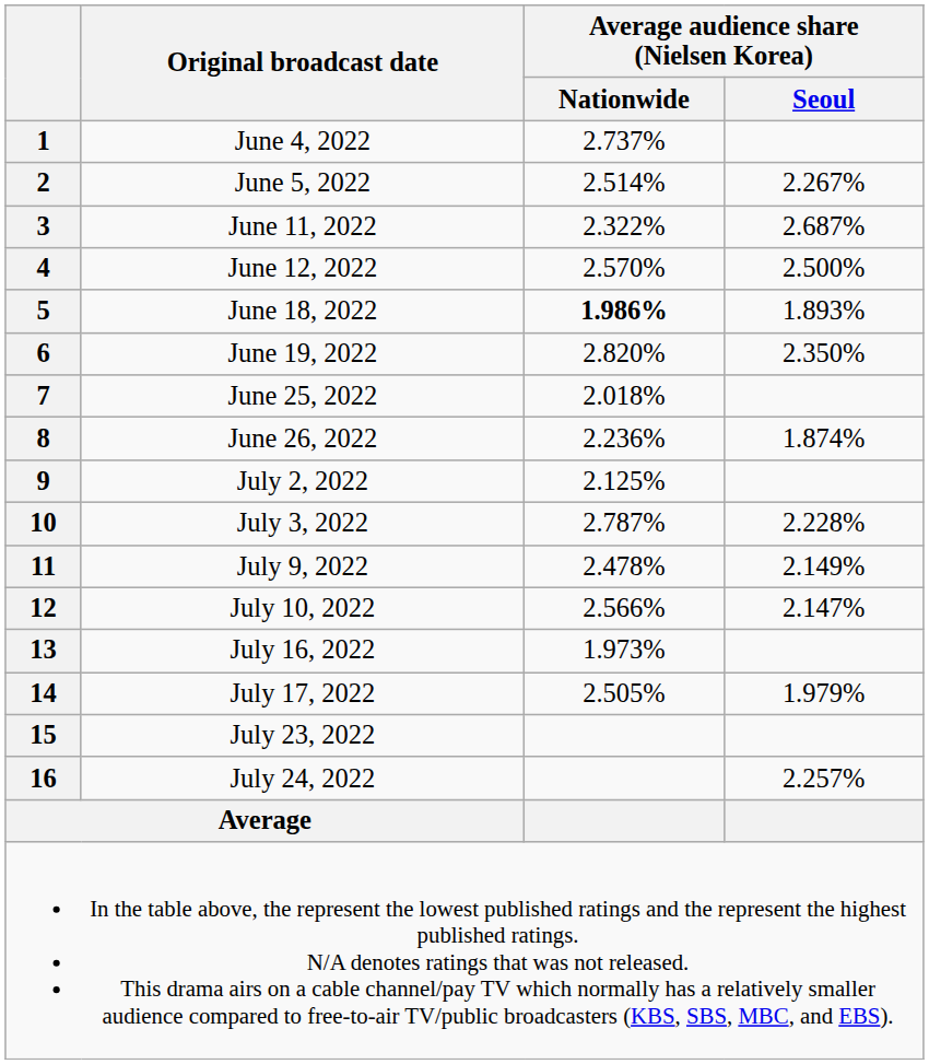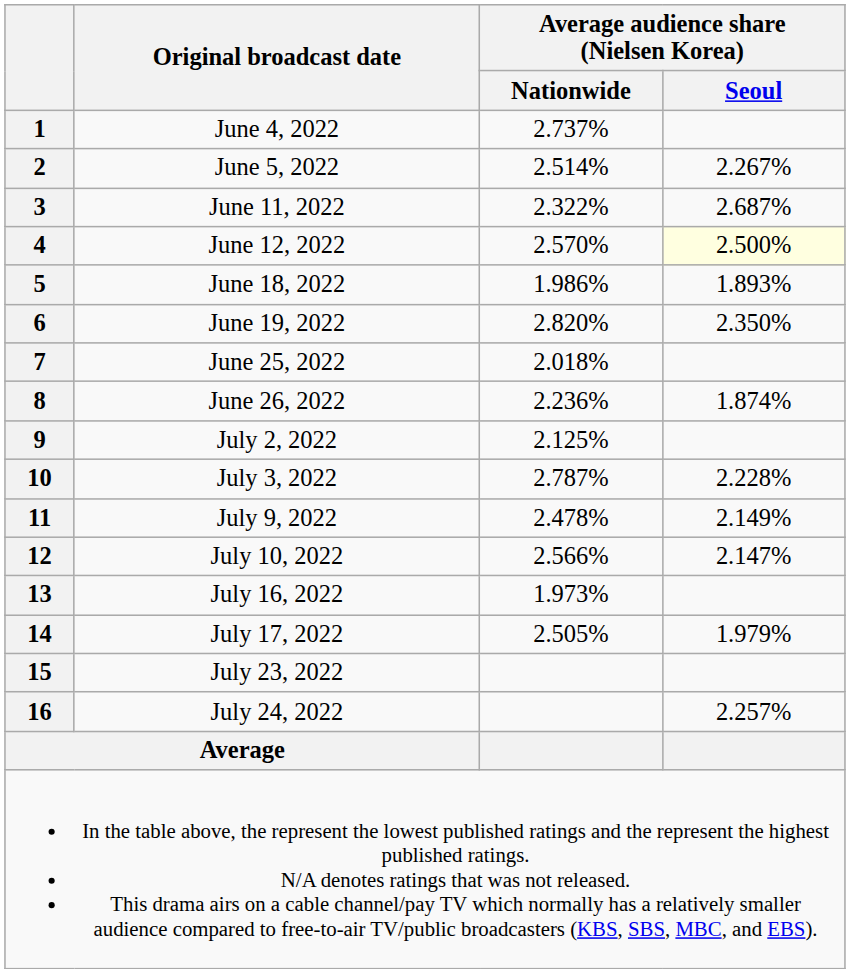 <table class="wikitable" style="margin-left:auto; margin-right:auto; width:550px; text-align:center">
 <tr>
 <th scope="col" rowspan="2"></th>
 <th scope="col" rowspan="2">Original broadcast date</th>
 <th scope="col" colspan="2">Average audience share<br>(Nielsen Korea)</th>
 </tr>
 <tr>
 <th scope="col" style="width:7em">Nationwide</th>
 <th scope="col" style="width:7em"><a href='#'>Seoul</a></th>
 </tr>
 <tr>
 <th scope="col">1</th>
 <td>June 4, 2022</td>
 <td>2.737% </td>
 <td><strong></strong> </td>
 </tr>
 <tr>
 <th scope="col">2</th>
 <td>June 5, 2022</td>
 <td>2.514% </td>
 <td>2.267% </td>
 </tr>
 <tr>
 <th scope="col">3</th>
 <td>June 11, 2022</td>
 <td>2.322% </td>
 <td>2.687% </td>
 </tr>
 <tr>
 <th scope="col">4</th>
 <td>June 12, 2022</td>
 <td>2.570% </td>
-<td>2.500% </td>
+<td style="background: lightyellow;">2.500% </td>
 </tr>
 <tr>
 <th scope="col">5</th>
 <td>June 18, 2022</td>
-<td><strong>1.986% </strong></td>
+<td>1.986% </td>
 <td>1.893% </td>
 </tr>
 <tr>
 <th scope="col">6</th>
 <td>June 19, 2022</td>
 <td>2.820% </td>
 <td>2.350% </td>
 </tr>
 <tr>
 <th scope="col">7</th>
 <td>June 25, 2022</td>
 <td>2.018% </td>
 <td></td>
 </tr>
 <tr>
 <th scope="col">8</th>
 <td>June 26, 2022</td>
 <td>2.236% </td>
 <td>1.874% </td>
 </tr>
 <tr>
 <th scope="col">9</th>
 <td>July 2, 2022</td>
 <td>2.125% </td>
 <td></td>
 </tr>
 <tr>
 <th scope="col">10</th>
 <td>July 3, 2022</td>
 <td>2.787% </td>
 <td>2.228% </td>
 </tr>
 <tr>
 <th scope="col">11</th>
 <td>July 9, 2022</td>
 <td>2.478% </td>
 <td>2.149% </td>
 </tr>
 <tr>
 <th scope="col">12</th>
 <td>July 10, 2022</td>
 <td>2.566% </td>
 <td>2.147% </td>
 </tr>
 <tr>
 <th scope="col">13</th>
 <td>July 16, 2022</td>
 <td>1.973% </td>
 <td></td>
 </tr>
 <tr>
 <th scope="col">14</th>
 <td>July 17, 2022</td>
 <td>2.505% </td>
 <td>1.979% </td>
 </tr>
 <tr>
 <th scope="col">15</th>
 <td>July 23, 2022</td>
 <td><strong></strong> </td>
 <td><strong></strong> </td>
 </tr>
 <tr>
 <th scope="col">16</th>
 <td>July 24, 2022</td>
 <td><strong></strong> </td>
 <td>2.257% </td>
 </tr>
 <tr>
 <th scope="col" colspan="2">Average</th>
 <th scope="col"></th>
 <th scope="col"></th>
 </tr>
 <tr>
 <td colspan="4" style="font-size:85%"><br><ul><li>In the table above, the <strong></strong> represent the lowest published ratings and the <strong></strong> represent the highest published ratings.</li><li>N/A denotes ratings that was not released.</li><li>This drama airs on a cable channel/pay TV which normally has a relatively smaller audience compared to free-to-air TV/public broadcasters (<a href='#'>KBS</a>, <a href='#'>SBS</a>, <a href='#'>MBC</a>, and <a href='#'>EBS</a>).</li></ul></td>
 </tr>
 </table>
